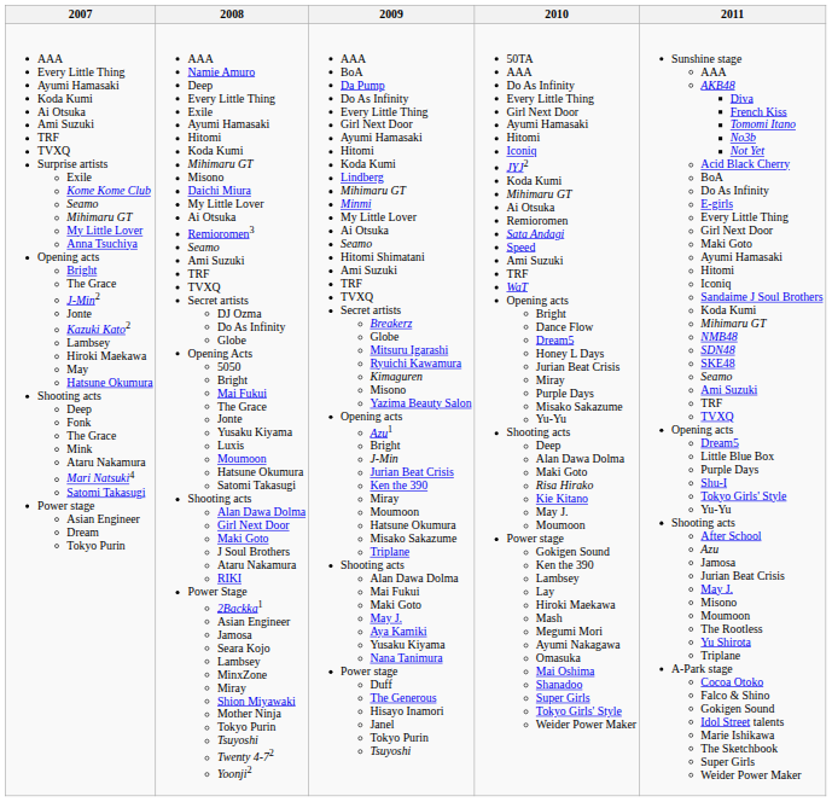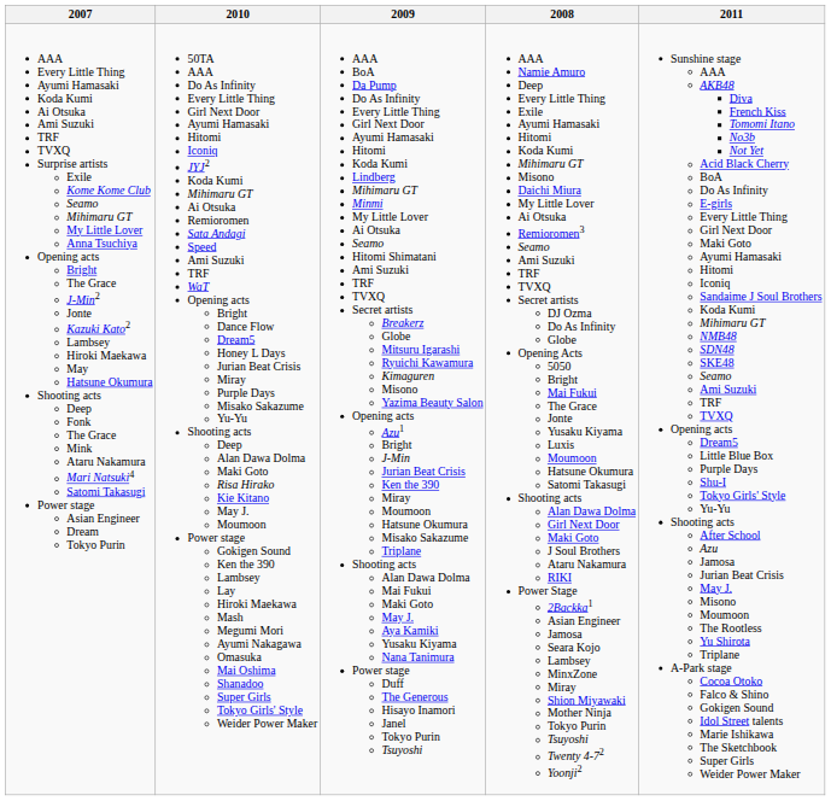 <table class="wikitable">
 <tr>
 <th>2007</th>
+<th>2010</th>
+<th>2009</th>
 <th>2008</th>
-<th>2009</th>
-<th>2010</th>
 <th>2011</th>
 </tr>
 <tr valign="top">
 <td><br><ul><li>AAA</li><li>Every Little Thing</li><li>Ayumi Hamasaki</li><li>Koda Kumi</li><li>Ai Otsuka</li><li>Ami Suzuki</li><li>TRF</li><li>TVXQ</li><li>Surprise artists<ul><li>Exile</li><li><em><a href='#'>Kome Kome Club</a></em></li><li><em>Seamo</em></li><li><em>Mihimaru GT</em></li><li><a href='#'>My Little Lover</a></li><li><a href='#'>Anna Tsuchiya</a></li></ul></li><li>Opening acts<ul><li><a href='#'>Bright</a></li><li>The Grace</li><li><em><a href='#'>J-Min</a></em><sup>2</sup></li><li>Jonte</li><li><em><a href='#'>Kazuki Kato</a></em><sup>2</sup></li><li>Lambsey</li><li>Hiroki Maekawa</li><li>May</li><li><a href='#'>Hatsune Okumura</a></li></ul></li><li>Shooting acts<ul><li>Deep</li><li>Fonk</li><li>The Grace</li><li>Mink</li><li>Ataru Nakamura</li><li><em><a href='#'>Mari Natsuki</a></em><sup>4</sup></li><li><a href='#'>Satomi Takasugi</a></li></ul></li><li>Power stage<ul><li>Asian Engineer</li><li>Dream</li><li>Tokyo Purin</li></ul></li></ul></td>
+<td><br><ul><li>50TA</li><li>AAA</li><li>Do As Infinity</li><li>Every Little Thing</li><li>Girl Next Door</li><li>Ayumi Hamasaki</li><li>Hitomi</li><li><a href='#'>Iconiq</a></li><li><em><a href='#'>JYJ</a></em><sup>2</sup></li><li>Koda Kumi</li><li><em>Mihimaru GT</em></li><li>Ai Otsuka</li><li>Remioromen</li><li><em><a href='#'>Sata Andagi</a></em></li><li><a href='#'>Speed</a></li><li>Ami Suzuki</li><li>TRF</li><li><em><a href='#'>WaT</a></em></li><li>Opening acts<ul><li>Bright</li><li>Dance Flow</li><li><a href='#'>Dream5</a></li><li>Honey L Days</li><li>Jurian Beat Crisis</li><li>Miray</li><li>Purple Days</li><li>Misako Sakazume</li><li>Yu-Yu</li></ul></li><li>Shooting acts<ul><li>Deep</li><li>Alan Dawa Dolma</li><li>Maki Goto</li><li><em>Risa Hirako</em></li><li><a href='#'>Kie Kitano</a></li><li>May J.</li><li>Moumoon</li></ul></li><li>Power stage<ul><li>Gokigen Sound</li><li>Ken the 390</li><li>Lambsey</li><li>Lay</li><li>Hiroki Maekawa</li><li>Mash</li><li>Megumi Mori</li><li>Ayumi Nakagawa</li><li>Omasuka</li><li><a href='#'>Mai Oshima</a></li><li><a href='#'>Shanadoo</a></li><li><a href='#'>Super Girls</a></li><li><a href='#'>Tokyo Girls' Style</a></li><li>Weider Power Maker</li></ul></li></ul></td>
+<td><br><ul><li>AAA</li><li>BoA</li><li><a href='#'>Da Pump</a></li><li>Do As Infinity</li><li>Every Little Thing</li><li>Girl Next Door</li><li>Ayumi Hamasaki</li><li>Hitomi</li><li>Koda Kumi</li><li><a href='#'>Lindberg</a></li><li><em>Mihimaru GT</em></li><li><em><a href='#'>Minmi</a></em></li><li>My Little Lover</li><li>Ai Otsuka</li><li><em>Seamo</em></li><li>Hitomi Shimatani</li><li>Ami Suzuki</li><li>TRF</li><li>TVXQ</li><li>Secret artists<ul><li><em><a href='#'>Breakerz</a></em></li><li>Globe</li><li><a href='#'>Mitsuru Igarashi</a></li><li><a href='#'>Ryuichi Kawamura</a></li><li><em>Kimaguren</em></li><li>Misono</li><li><a href='#'>Yazima Beauty Salon</a></li></ul></li><li>Opening acts<ul><li><em><a href='#'>Azu</a></em><sup>1</sup></li><li>Bright</li><li><em>J-Min</em></li><li><a href='#'>Jurian Beat Crisis</a></li><li><a href='#'>Ken the 390</a></li><li>Miray</li><li>Moumoon</li><li>Hatsune Okumura</li><li>Misako Sakazume</li><li><a href='#'>Triplane</a></li></ul></li><li>Shooting acts<ul><li>Alan Dawa Dolma</li><li>Mai Fukui</li><li>Maki Goto</li><li><a href='#'>May J.</a></li><li><a href='#'>Aya Kamiki</a></li><li>Yusaku Kiyama</li><li><a href='#'>Nana Tanimura</a></li></ul></li><li>Power stage<ul><li>Duff</li><li><a href='#'>The Generous</a></li><li>Hisayo Inamori</li><li>Janel</li><li>Tokyo Purin</li><li><em>Tsuyoshi</em></li></ul></li></ul></td>
 <td><br><ul><li>AAA</li><li><a href='#'>Namie Amuro</a></li><li>Deep</li><li>Every Little Thing</li><li>Exile</li><li>Ayumi Hamasaki</li><li>Hitomi</li><li>Koda Kumi</li><li><em>Mihimaru GT</em></li><li>Misono</li><li><a href='#'>Daichi Miura</a></li><li>My Little Lover</li><li>Ai Otsuka</li><li><a href='#'>Remioromen</a><sup>3</sup></li><li><em>Seamo</em></li><li>Ami Suzuki</li><li>TRF</li><li>TVXQ</li><li>Secret artists<ul><li>DJ Ozma</li><li>Do As Infinity</li><li>Globe</li></ul></li><li>Opening Acts<ul><li>5050</li><li>Bright</li><li><a href='#'>Mai Fukui</a></li><li>The Grace</li><li>Jonte</li><li>Yusaku Kiyama</li><li>Luxis</li><li><a href='#'>Moumoon</a></li><li>Hatsune Okumura</li><li>Satomi Takasugi</li></ul></li><li>Shooting acts<ul><li><a href='#'>Alan Dawa Dolma</a></li><li><a href='#'>Girl Next Door</a></li><li><a href='#'>Maki Goto</a></li><li>J Soul Brothers</li><li>Ataru Nakamura</li><li><a href='#'>RIKI</a></li></ul></li><li>Power Stage<ul><li><em><a href='#'>2Backka</a></em><sup>1</sup></li><li>Asian Engineer</li><li>Jamosa</li><li>Seara Kojo</li><li>Lambsey</li><li>MinxZone</li><li>Miray</li><li><a href='#'>Shion Miyawaki</a></li><li>Mother Ninja</li><li>Tokyo Purin</li><li><em>Tsuyoshi</em></li><li><em>Twenty 4-7</em><sup>2</sup></li><li><em>Yoonji</em><sup>2</sup></li></ul></li></ul></td>
-<td><br><ul><li>AAA</li><li>BoA</li><li><a href='#'>Da Pump</a></li><li>Do As Infinity</li><li>Every Little Thing</li><li>Girl Next Door</li><li>Ayumi Hamasaki</li><li>Hitomi</li><li>Koda Kumi</li><li><a href='#'>Lindberg</a></li><li><em>Mihimaru GT</em></li><li><em><a href='#'>Minmi</a></em></li><li>My Little Lover</li><li>Ai Otsuka</li><li><em>Seamo</em></li><li>Hitomi Shimatani</li><li>Ami Suzuki</li><li>TRF</li><li>TVXQ</li><li>Secret artists<ul><li><em><a href='#'>Breakerz</a></em></li><li>Globe</li><li><a href='#'>Mitsuru Igarashi</a></li><li><a href='#'>Ryuichi Kawamura</a></li><li><em>Kimaguren</em></li><li>Misono</li><li><a href='#'>Yazima Beauty Salon</a></li></ul></li><li>Opening acts<ul><li><em><a href='#'>Azu</a></em><sup>1</sup></li><li>Bright</li><li><em>J-Min</em></li><li><a href='#'>Jurian Beat Crisis</a></li><li><a href='#'>Ken the 390</a></li><li>Miray</li><li>Moumoon</li><li>Hatsune Okumura</li><li>Misako Sakazume</li><li><a href='#'>Triplane</a></li></ul></li><li>Shooting acts<ul><li>Alan Dawa Dolma</li><li>Mai Fukui</li><li>Maki Goto</li><li><a href='#'>May J.</a></li><li><a href='#'>Aya Kamiki</a></li><li>Yusaku Kiyama</li><li><a href='#'>Nana Tanimura</a></li></ul></li><li>Power stage<ul><li>Duff</li><li><a href='#'>The Generous</a></li><li>Hisayo Inamori</li><li>Janel</li><li>Tokyo Purin</li><li><em>Tsuyoshi</em></li></ul></li></ul></td>
-<td><br><ul><li>50TA</li><li>AAA</li><li>Do As Infinity</li><li>Every Little Thing</li><li>Girl Next Door</li><li>Ayumi Hamasaki</li><li>Hitomi</li><li><a href='#'>Iconiq</a></li><li><em><a href='#'>JYJ</a></em><sup>2</sup></li><li>Koda Kumi</li><li><em>Mihimaru GT</em></li><li>Ai Otsuka</li><li>Remioromen</li><li><em><a href='#'>Sata Andagi</a></em></li><li><a href='#'>Speed</a></li><li>Ami Suzuki</li><li>TRF</li><li><em><a href='#'>WaT</a></em></li><li>Opening acts<ul><li>Bright</li><li>Dance Flow</li><li><a href='#'>Dream5</a></li><li>Honey L Days</li><li>Jurian Beat Crisis</li><li>Miray</li><li>Purple Days</li><li>Misako Sakazume</li><li>Yu-Yu</li></ul></li><li>Shooting acts<ul><li>Deep</li><li>Alan Dawa Dolma</li><li>Maki Goto</li><li><em>Risa Hirako</em></li><li><a href='#'>Kie Kitano</a></li><li>May J.</li><li>Moumoon</li></ul></li><li>Power stage<ul><li>Gokigen Sound</li><li>Ken the 390</li><li>Lambsey</li><li>Lay</li><li>Hiroki Maekawa</li><li>Mash</li><li>Megumi Mori</li><li>Ayumi Nakagawa</li><li>Omasuka</li><li><a href='#'>Mai Oshima</a></li><li><a href='#'>Shanadoo</a></li><li><a href='#'>Super Girls</a></li><li><a href='#'>Tokyo Girls' Style</a></li><li>Weider Power Maker</li></ul></li></ul></td>
 <td><br><ul><li>Sunshine stage<ul><li>AAA</li><li><em><a href='#'>AKB48</a></em><ul><li><a href='#'>Diva</a></li><li><a href='#'>French Kiss</a></li><li><em><a href='#'>Tomomi Itano</a></em></li><li><em><a href='#'>No3b</a></em></li><li><em><a href='#'>Not Yet</a></em></li></ul></li><li><a href='#'>Acid Black Cherry</a></li><li>BoA</li><li>Do As Infinity</li><li><a href='#'>E-girls</a></li><li>Every Little Thing</li><li>Girl Next Door</li><li>Maki Goto</li><li>Ayumi Hamasaki</li><li>Hitomi</li><li>Iconiq</li><li><a href='#'>Sandaime J Soul Brothers</a></li><li>Koda Kumi</li><li><em>Mihimaru GT</em></li><li><em><a href='#'>NMB48</a></em></li><li><em><a href='#'>SDN48</a></em></li><li><a href='#'>SKE48</a></li><li><em>Seamo</em></li><li><a href='#'>Ami Suzuki</a></li><li>TRF</li><li><a href='#'>TVXQ</a></li></ul></li><li>Opening acts<ul><li><a href='#'>Dream5</a></li><li>Little Blue Box</li><li>Purple Days</li><li><a href='#'>Shu-I</a></li><li><a href='#'>Tokyo Girls' Style</a></li><li>Yu-Yu</li></ul></li><li>Shooting acts<ul><li><a href='#'>After School</a></li><li><em>Azu</em></li><li>Jamosa</li><li>Jurian Beat Crisis</li><li><a href='#'>May J.</a></li><li>Misono</li><li>Moumoon</li><li>The Rootless</li><li><a href='#'>Yu Shirota</a></li><li>Triplane</li></ul></li><li>A-Park stage<ul><li><a href='#'>Cocoa Otoko</a></li><li>Falco & Shino</li><li>Gokigen Sound</li><li><a href='#'>Idol Street</a> talents</li><li>Marie Ishikawa</li><li>The Sketchbook</li><li>Super Girls</li><li>Weider Power Maker</li></ul></li></ul></td>
 </tr>
 </table>
